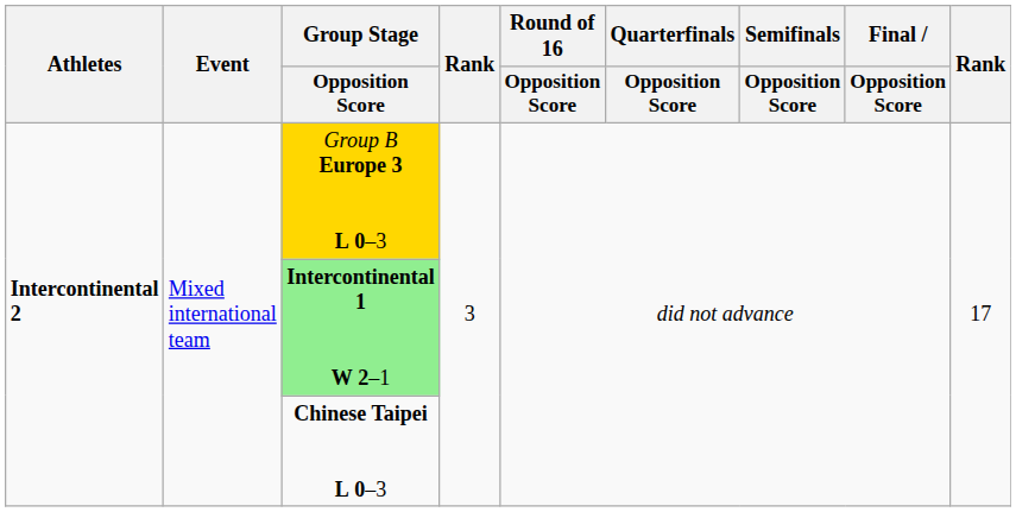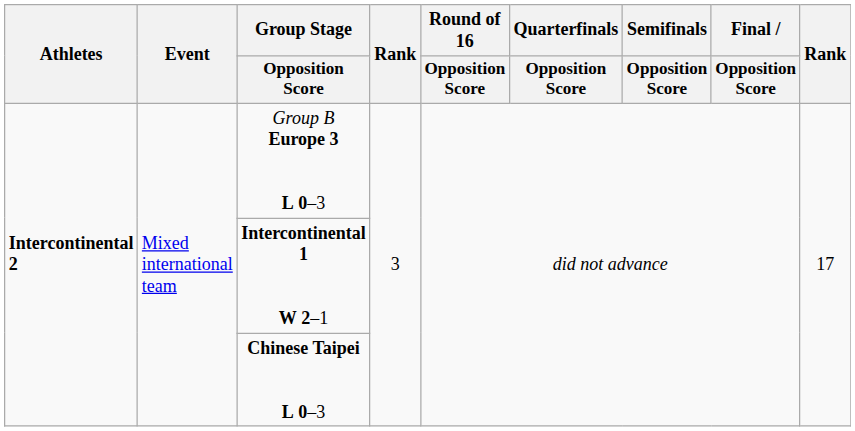 <table class=wikitable style="font-size:90%">
 <tr>
 <th rowspan="2">Athletes</th>
 <th rowspan="2">Event</th>
 <th>Group Stage</th>
 <th rowspan="2">Rank</th>
 <th>Round of 16</th>
 <th>Quarterfinals</th>
 <th>Semifinals</th>
 <th>Final / </th>
 <th rowspan=2>Rank</th>
 </tr>
 <tr style="font-size:95%">
 <th>Opposition<br>Score</th>
 <th>Opposition<br>Score</th>
 <th>Opposition<br>Score</th>
 <th>Opposition<br>Score</th>
 <th>Opposition<br>Score</th>
 </tr>
 <tr align=center>
 <td align=left rowspan=3><strong>Intercontinental 2</strong><br><br></td>
 <td align=left rowspan=3><a href='#'>Mixed international team</a></td>
-<td style="background: gold;"><em>Group B</em><br><strong>Europe 3</strong><br><small><br> </small><br><strong>L</strong> <strong>0</strong>–3</td>
+<td><em>Group B</em><br><strong>Europe 3</strong><br><small><br> </small><br><strong>L</strong> <strong>0</strong>–3</td>
 <td rowspan=3>3</td>
 <td rowspan=3 colspan=4><em>did not advance</em></td>
 <td rowspan=3>17</td>
 </tr>
 <tr align=center>
-<td style="background: lightgreen;"><strong>Intercontinental 1</strong><br><small><br> </small><br><strong>W</strong> <strong>2</strong>–1</td>
+<td><strong>Intercontinental 1</strong><br><small><br> </small><br><strong>W</strong> <strong>2</strong>–1</td>
 </tr>
 <tr align=center>
 <td><strong>Chinese Taipei</strong><br><small><br> </small><br><strong>L</strong> <strong>0</strong>–3</td>
 </tr>
 </table>
